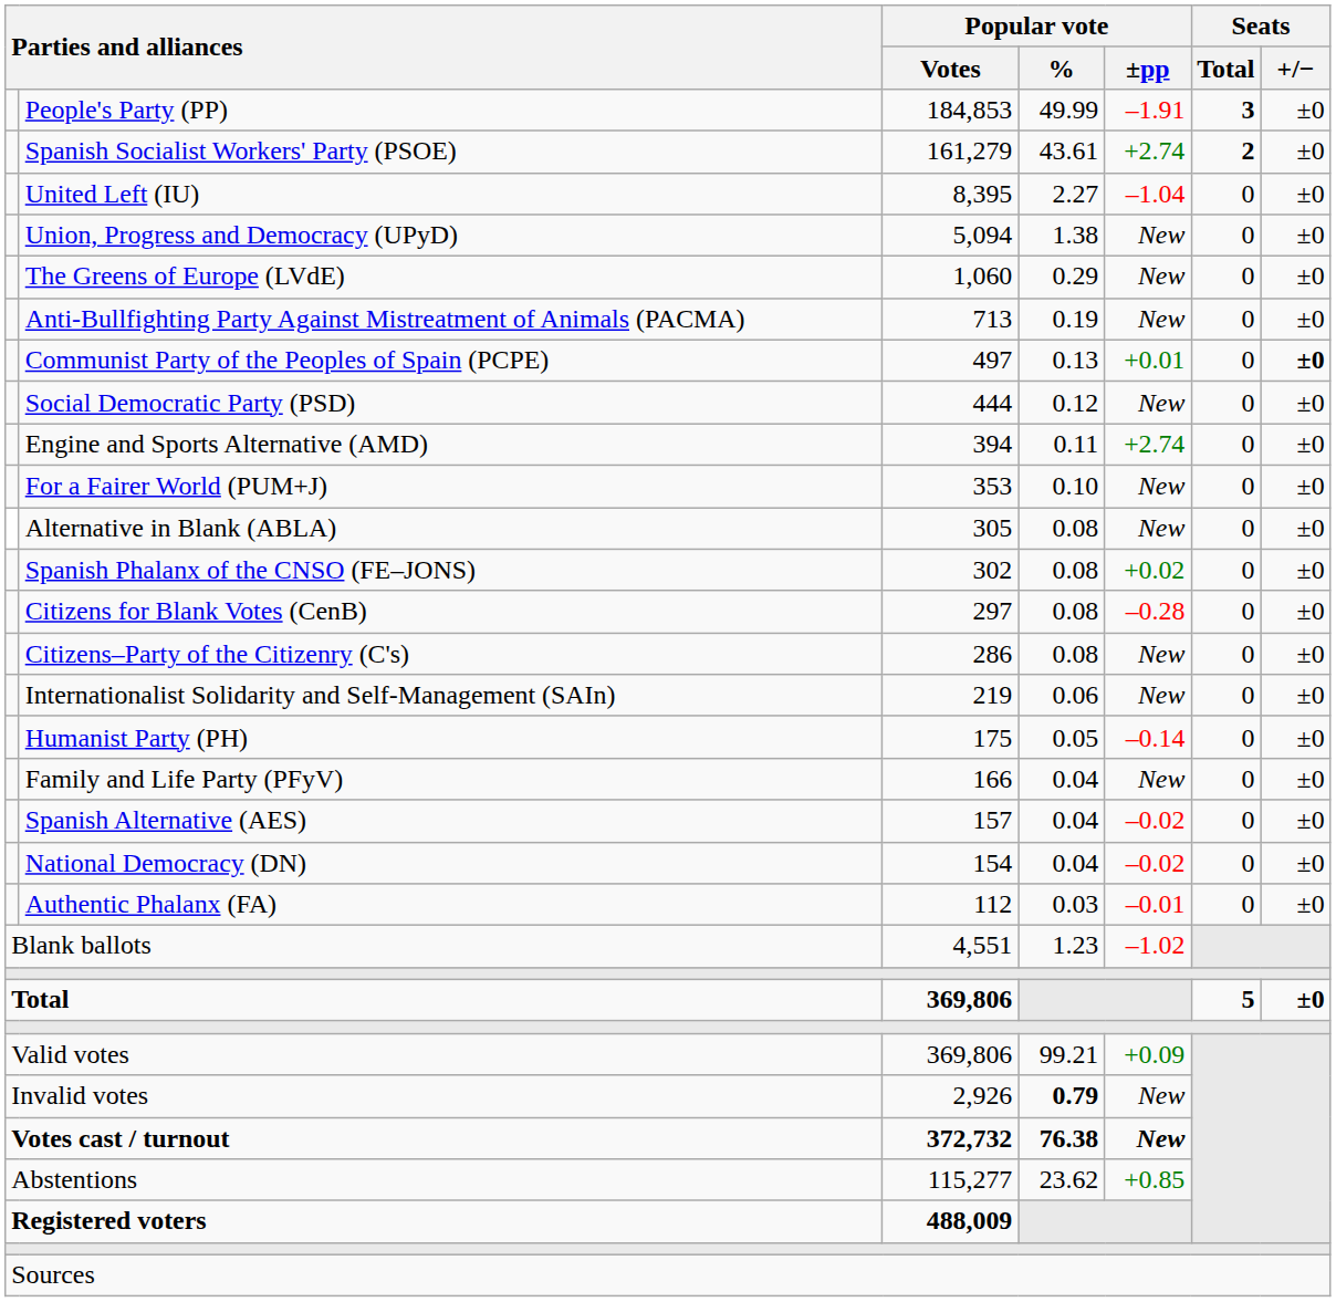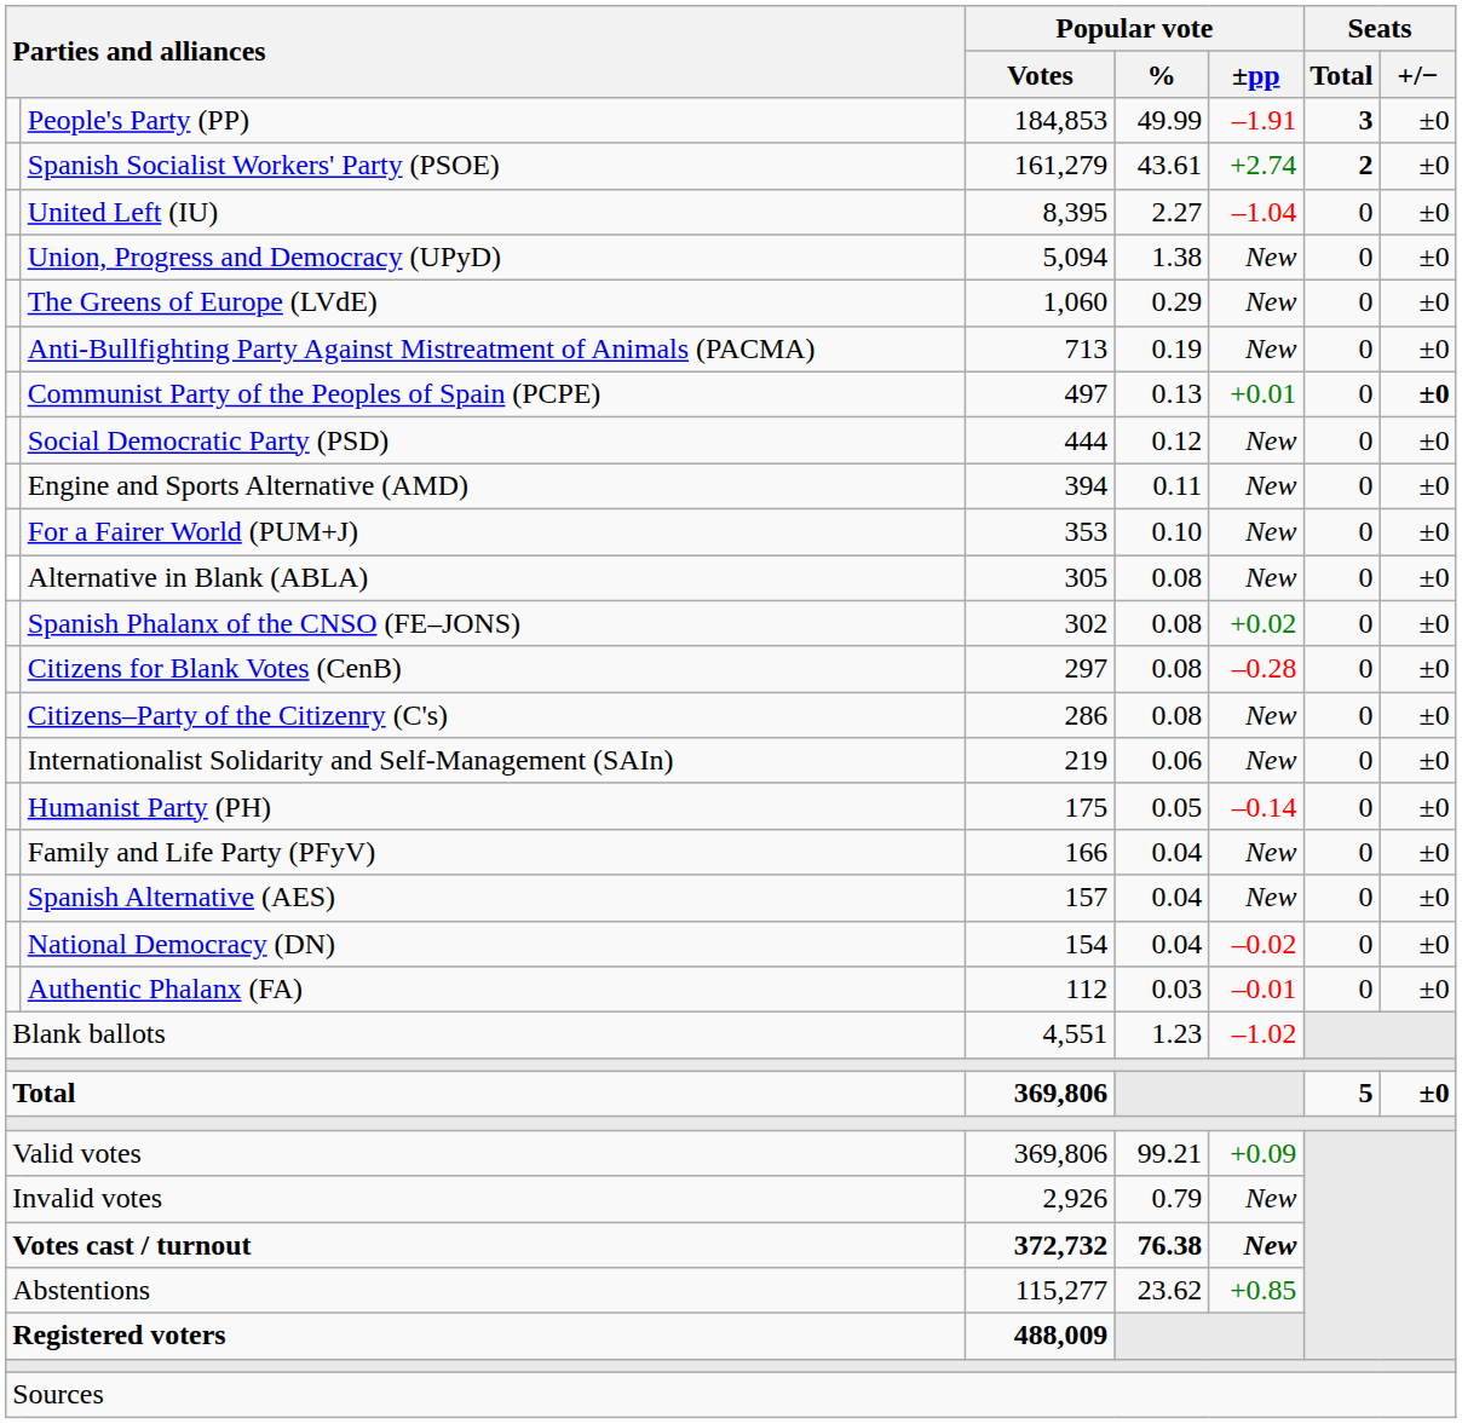 <table class="wikitable" style="text-align:right;">
 <tr>
 <th style="text-align:left;" rowspan="2" colspan="2" width="525">Parties and alliances</th>
 <th colspan="3">Popular vote</th>
 <th colspan="2">Seats</th>
 </tr>
 <tr>
 <th width="75">Votes</th>
 <th width="45">%</th>
 <th width="45">±<a href='#'>pp</a></th>
 <th width="35">Total</th>
 <th width="35">+/−</th>
 </tr>
 <tr>
 <td width="1" style="color:inherit;background:"></td>
 <td align="left"><a href='#'>People's Party</a> (PP)</td>
 <td>184,853</td>
 <td>49.99</td>
 <td style="color:red;">–1.91</td>
 <td><strong>3</strong></td>
 <td>±0</td>
 </tr>
 <tr>
 <td style="color:inherit;background:"></td>
 <td align="left"><a href='#'>Spanish Socialist Workers' Party</a> (PSOE)</td>
 <td>161,279</td>
 <td>43.61</td>
 <td style="color:green;">+2.74</td>
 <td><strong>2</strong></td>
 <td>±0</td>
 </tr>
 <tr>
 <td style="color:inherit;background:"></td>
 <td align="left"><a href='#'>United Left</a> (IU)</td>
 <td>8,395</td>
 <td>2.27</td>
 <td style="color:red;">–1.04</td>
 <td>0</td>
 <td>±0</td>
 </tr>
 <tr>
 <td style="color:inherit;background:"></td>
 <td align="left"><a href='#'>Union, Progress and Democracy</a> (UPyD)</td>
 <td>5,094</td>
 <td>1.38</td>
 <td><em>New</em></td>
 <td>0</td>
 <td>±0</td>
 </tr>
 <tr>
 <td style="color:inherit;background:"></td>
 <td align="left"><a href='#'>The Greens of Europe</a> (LVdE)</td>
 <td>1,060</td>
 <td>0.29</td>
 <td><em>New</em></td>
 <td>0</td>
 <td>±0</td>
 </tr>
 <tr>
 <td style="color:inherit;background:"></td>
 <td align="left"><a href='#'>Anti-Bullfighting Party Against Mistreatment of Animals</a> (PACMA)</td>
 <td>713</td>
 <td>0.19</td>
 <td><em>New</em></td>
 <td>0</td>
 <td>±0</td>
 </tr>
 <tr>
 <td style="color:inherit;background:"></td>
 <td align="left"><a href='#'>Communist Party of the Peoples of Spain</a> (PCPE)</td>
 <td>497</td>
 <td>0.13</td>
 <td style="color:green;">+0.01</td>
 <td>0</td>
 <td><strong>±0</strong></td>
 </tr>
 <tr>
 <td style="color:inherit;background:"></td>
 <td align="left"><a href='#'>Social Democratic Party</a> (PSD)</td>
 <td>444</td>
 <td>0.12</td>
 <td><em>New</em></td>
 <td>0</td>
 <td>±0</td>
 </tr>
 <tr>
 <td style="color:inherit;background:"></td>
 <td align="left">Engine and Sports Alternative (AMD)</td>
 <td>394</td>
 <td>0.11</td>
-<td style="color:green;">+2.74</td>
+<td><em>New</em></td>
 <td>0</td>
 <td>±0</td>
 </tr>
 <tr>
 <td style="color:inherit;background:"></td>
 <td align="left"><a href='#'>For a Fairer World</a> (PUM+J)</td>
 <td>353</td>
 <td>0.10</td>
 <td><em>New</em></td>
 <td>0</td>
 <td>±0</td>
 </tr>
 <tr>
 <td bgcolor="white"></td>
 <td align="left">Alternative in Blank (ABLA)</td>
 <td>305</td>
 <td>0.08</td>
 <td><em>New</em></td>
 <td>0</td>
 <td>±0</td>
 </tr>
 <tr>
 <td style="color:inherit;background:"></td>
 <td align="left"><a href='#'>Spanish Phalanx of the CNSO</a> (FE–JONS)</td>
 <td>302</td>
 <td>0.08</td>
 <td style="color:green;">+0.02</td>
 <td>0</td>
 <td>±0</td>
 </tr>
 <tr>
 <td style="color:inherit;background:"></td>
 <td align="left"><a href='#'>Citizens for Blank Votes</a> (CenB)</td>
 <td>297</td>
 <td>0.08</td>
 <td style="color:red;">–0.28</td>
 <td>0</td>
 <td>±0</td>
 </tr>
 <tr>
 <td style="color:inherit;background:"></td>
 <td align="left"><a href='#'>Citizens–Party of the Citizenry</a> (C's)</td>
 <td>286</td>
 <td>0.08</td>
 <td><em>New</em></td>
 <td>0</td>
 <td>±0</td>
 </tr>
 <tr>
 <td style="color:inherit;background:"></td>
 <td align="left">Internationalist Solidarity and Self-Management (SAIn)</td>
 <td>219</td>
 <td>0.06</td>
 <td><em>New</em></td>
 <td>0</td>
 <td>±0</td>
 </tr>
 <tr>
 <td style="color:inherit;background:"></td>
 <td align="left"><a href='#'>Humanist Party</a> (PH)</td>
 <td>175</td>
 <td>0.05</td>
 <td style="color:red;">–0.14</td>
 <td>0</td>
 <td>±0</td>
 </tr>
 <tr>
 <td style="color:inherit;background:"></td>
 <td align="left">Family and Life Party (PFyV)</td>
 <td>166</td>
 <td>0.04</td>
 <td><em>New</em></td>
 <td>0</td>
 <td>±0</td>
 </tr>
 <tr>
 <td style="color:inherit;background:"></td>
 <td align="left"><a href='#'>Spanish Alternative</a> (AES)</td>
 <td>157</td>
 <td>0.04</td>
-<td style="color:red;">–0.02</td>
+<td><em>New</em></td>
 <td>0</td>
 <td>±0</td>
 </tr>
 <tr>
 <td style="color:inherit;background:"></td>
 <td align="left"><a href='#'>National Democracy</a> (DN)</td>
 <td>154</td>
 <td>0.04</td>
 <td style="color:red;">–0.02</td>
 <td>0</td>
 <td>±0</td>
 </tr>
 <tr>
 <td style="color:inherit;background:"></td>
 <td align="left"><a href='#'>Authentic Phalanx</a> (FA)</td>
 <td>112</td>
 <td>0.03</td>
 <td style="color:red;">–0.01</td>
 <td>0</td>
 <td>±0</td>
 </tr>
 <tr>
 <td align="left" colspan="2">Blank ballots</td>
 <td>4,551</td>
 <td>1.23</td>
 <td style="color:red;">–1.02</td>
 <td bgcolor="#E9E9E9" colspan="2"></td>
 </tr>
 <tr>
 <td colspan="7" bgcolor="#E9E9E9"></td>
 </tr>
 <tr style="font-weight:bold;">
 <td align="left" colspan="2">Total</td>
 <td>369,806</td>
 <td bgcolor="#E9E9E9" colspan="2"></td>
 <td>5</td>
 <td>±0</td>
 </tr>
 <tr>
 <td colspan="7" bgcolor="#E9E9E9"></td>
 </tr>
 <tr>
 <td align="left" colspan="2">Valid votes</td>
 <td>369,806</td>
 <td>99.21</td>
 <td style="color:green;">+0.09</td>
 <td bgcolor="#E9E9E9" colspan="2" rowspan="5"></td>
 </tr>
 <tr>
 <td align="left" colspan="2">Invalid votes</td>
 <td>2,926</td>
-<td><strong>0.79</strong></td>
+<td>0.79</td>
 <td><em>New</em></td>
 </tr>
 <tr style="font-weight:bold;">
 <td align="left" colspan="2">Votes cast / turnout</td>
 <td>372,732</td>
 <td>76.38</td>
 <td><em>New</em></td>
 </tr>
 <tr>
 <td align="left" colspan="2">Abstentions</td>
 <td>115,277</td>
 <td>23.62</td>
 <td style="color:green;">+0.85</td>
 </tr>
 <tr style="font-weight:bold;">
 <td align="left" colspan="2">Registered voters</td>
 <td>488,009</td>
 <td bgcolor="#E9E9E9" colspan="2"></td>
 </tr>
 <tr>
 <td colspan="7" bgcolor="#E9E9E9"></td>
 </tr>
 <tr>
 <td align="left" colspan="7">Sources</td>
 </tr>
 </table>
